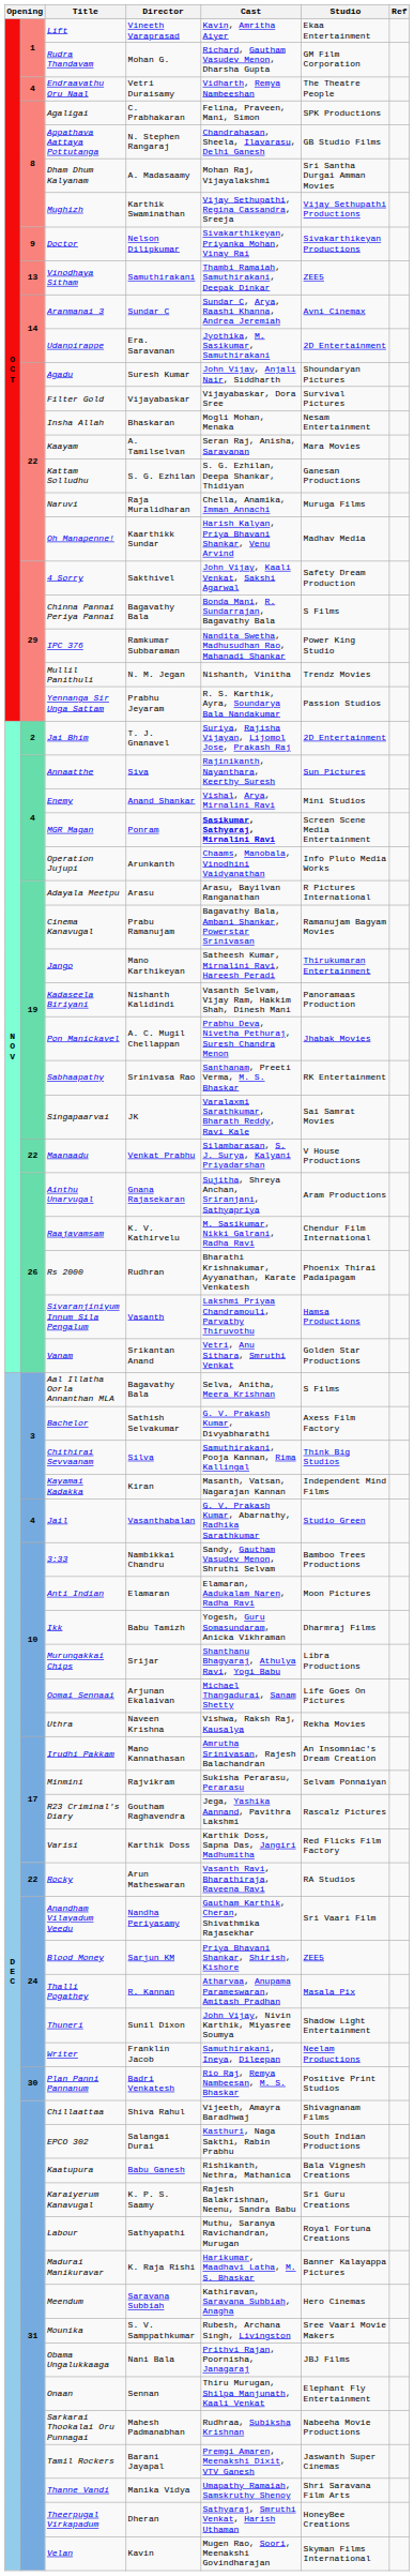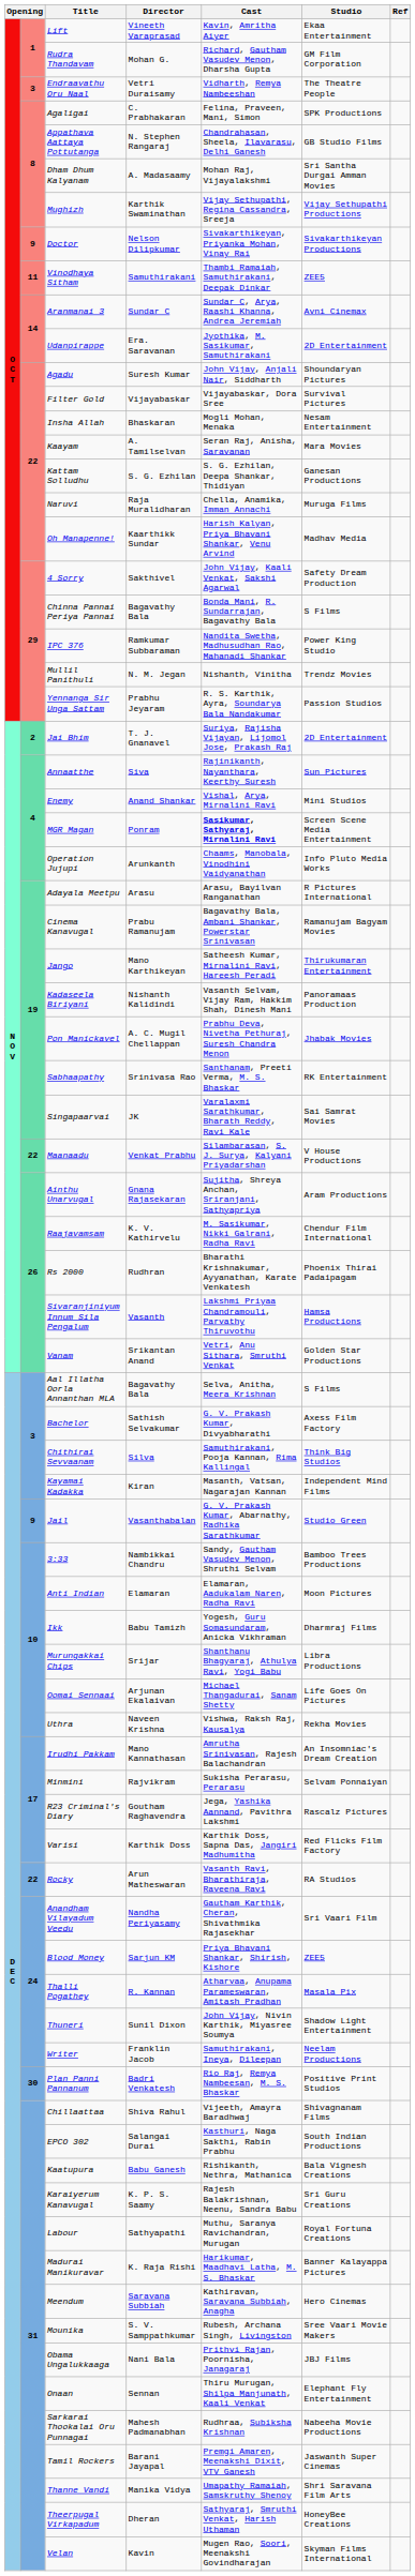 <table class="wikitable sortable">
 <tr>
 <th colspan="2">Opening</th>
 <th style="width:20%;">Title</th>
 <th>Director</th>
 <th>Cast</th>
 <th>Studio</th>
 <th>Ref</th>
 </tr>
 <tr October!>
 <td rowspan="23" style="text-align:center; background:#f40b0b; textcolor:#000;"><strong>O<br>C<br>T</strong></td>
 <td rowspan="2" style="text-align:center;background:#f9827c;"><strong>1</strong></td>
 <td><em><a href='#'>Lift</a></em></td>
 <td><a href='#'>Vineeth Varaprasad</a></td>
 <td><a href='#'>Kavin</a>, <a href='#'>Amritha Aiyer</a></td>
 <td>Ekaa Entertainment</td>
 <td></td>
 </tr>
 <tr>
 <td><em><a href='#'>Rudra Thandavam</a></em></td>
 <td>Mohan G.</td>
 <td><a href='#'>Richard</a>, <a href='#'>Gautham Vasudev Menon</a>, Dharsha Gupta</td>
 <td>GM Film Corporation</td>
 <td></td>
 </tr>
 <tr>
-<td style="text-align:center; background:#f9827c;"><strong>4</strong></td>
+<td style="text-align:center; background:#f9827c;"><strong>3</strong></td>
 <td><em><a href='#'>Endraavathu Oru Naal</a></em></td>
 <td>Vetri Duraisamy</td>
 <td><a href='#'>Vidharth</a>, <a href='#'>Remya Nambeeshan</a></td>
 <td>The Theatre People</td>
 <td></td>
 </tr>
 <tr>
 <td rowspan="4" style="text-align:center;background:#f9827c;"><strong>8</strong></td>
 <td><em>Agaligai</em></td>
 <td>C. Prabhakaran</td>
 <td>Felina, Praveen, Mani, Simon</td>
 <td>SPK Productions</td>
 <td></td>
 </tr>
 <tr>
 <td><em><a href='#'>Appathava Aattaya Pottutanga</a></em></td>
 <td>N. Stephen Rangaraj</td>
 <td><a href='#'>Chandrahasan</a>, Sheela, <a href='#'>Ilavarasu</a>, <a href='#'>Delhi Ganesh</a></td>
 <td>GB Studio Films</td>
 <td></td>
 </tr>
 <tr>
 <td><em>Dham Dhum Kalyanam</em></td>
 <td>A. Madasaamy</td>
 <td>Mohan Raj, Vijayalakshmi</td>
 <td>Sri Santha Durgai Amman Movies</td>
 <td></td>
 </tr>
 <tr>
 <td><em><a href='#'>Mughizh</a></em></td>
 <td>Karthik Swaminathan</td>
 <td><a href='#'>Vijay Sethupathi</a>, <a href='#'>Regina Cassandra</a>, Sreeja</td>
 <td><a href='#'>Vijay Sethupathi Productions</a></td>
 <td></td>
 </tr>
 <tr>
 <td style="text-align:center; background:#f9827c;"><strong>9</strong></td>
 <td><em><a href='#'>Doctor</a></em></td>
 <td><a href='#'>Nelson Dilipkumar</a></td>
 <td><a href='#'>Sivakarthikeyan</a>, <a href='#'>Priyanka Mohan</a>, <a href='#'>Vinay Rai</a></td>
 <td><a href='#'>Sivakarthikeyan Productions</a></td>
 <td></td>
 </tr>
 <tr>
-<td style="text-align:center; background:#f9827c;"><strong>13</strong></td>
+<td style="text-align:center; background:#f9827c;"><strong>11</strong></td>
 <td><em><a href='#'>Vinodhaya Sitham</a></em></td>
 <td><a href='#'>Samuthirakani</a></td>
 <td><a href='#'>Thambi Ramaiah</a>, <a href='#'>Samuthirakani</a>, <a href='#'>Deepak Dinkar</a></td>
 <td><a href='#'>ZEE5</a></td>
 <td></td>
 </tr>
 <tr>
 <td rowspan="2" style="text-align:center;background:#f9827c;"><strong>14</strong></td>
 <td><em><a href='#'>Aranmanai 3</a></em></td>
 <td><a href='#'>Sundar C</a></td>
 <td><a href='#'>Sundar C</a>, <a href='#'>Arya</a>, <a href='#'>Raashi Khanna</a>, <a href='#'>Andrea Jeremiah</a></td>
 <td><a href='#'>Avni Cinemax</a></td>
 <td></td>
 </tr>
 <tr>
 <td><em><a href='#'>Udanpirappe</a></em></td>
 <td>Era. Saravanan</td>
 <td><a href='#'>Jyothika</a>, <a href='#'>M. Sasikumar</a>, <a href='#'>Samuthirakani</a></td>
 <td><a href='#'>2D Entertainment</a></td>
 <td></td>
 </tr>
 <tr>
 <td rowspan="7" style="text-align:center;background:#f9827c;"><strong>22</strong></td>
 <td><em><a href='#'>Agadu</a></em></td>
 <td>Suresh Kumar</td>
 <td><a href='#'>John Vijay</a>, <a href='#'>Anjali Nair</a>, Siddharth</td>
 <td>Shoundaryan Pictures</td>
 <td></td>
 </tr>
 <tr>
 <td><em>Filter Gold</em></td>
 <td>Vijayabaskar</td>
 <td>Vijayabaskar, Dora Sree</td>
 <td>Survival Pictures</td>
 <td></td>
 </tr>
 <tr>
 <td><em>Insha Allah</em></td>
 <td>Bhaskaran</td>
 <td>Mogli Mohan, Menaka</td>
 <td>Nesam Entertainment</td>
 <td></td>
 </tr>
 <tr>
 <td><em>Kaayam</em></td>
 <td>A. Tamilselvan</td>
 <td>Seran Raj, Anisha, <a href='#'>Saravanan</a></td>
 <td>Mara Movies</td>
 <td></td>
 </tr>
 <tr>
 <td><em>Kattam Solludhu</em></td>
 <td>S. G. Ezhilan</td>
 <td>S. G. Ezhilan, Deepa Shankar, Thidiyan</td>
 <td>Ganesan Productions</td>
 <td></td>
 </tr>
 <tr>
 <td><em>Naruvi</em></td>
 <td>Raja Muralidharan</td>
 <td>Chella, Anamika, <a href='#'>Imman Annachi</a></td>
 <td>Muruga Films</td>
 <td></td>
 </tr>
 <tr>
 <td><em><a href='#'>Oh Manapenne!</a></em></td>
 <td>Kaarthikk Sundar</td>
 <td><a href='#'>Harish Kalyan</a>,  <a href='#'>Priya Bhavani Shankar</a>, <a href='#'>Venu Arvind</a></td>
 <td>Madhav Media</td>
 <td></td>
 </tr>
 <tr>
 <td rowspan="5" style="text-align:center;background:#f9827c;"><strong>29</strong></td>
 <td><em><a href='#'>4 Sorry</a></em></td>
 <td>Sakthivel</td>
 <td><a href='#'>John Vijay</a>, <a href='#'>Kaali Venkat</a>, <a href='#'>Sakshi Agarwal</a></td>
 <td>Safety Dream Production</td>
 <td></td>
 </tr>
 <tr>
 <td><em>Chinna Pannai Periya Pannai</em></td>
 <td>Bagavathy Bala</td>
 <td><a href='#'>Bonda Mani</a>, <a href='#'>R. Sundarrajan</a>, Bagavathy Bala</td>
 <td>S Films</td>
 <td></td>
 </tr>
 <tr>
 <td><em><a href='#'>IPC 376</a></em></td>
 <td>Ramkumar Subbaraman</td>
 <td><a href='#'>Nandita Swetha</a>, <a href='#'>Madhusudhan Rao</a>, <a href='#'>Mahanadi Shankar</a></td>
 <td>Power King Studio</td>
 <td></td>
 </tr>
 <tr>
 <td><em>Mullil Panithuli</em></td>
 <td>N. M. Jegan</td>
 <td>Nishanth, Vinitha</td>
 <td>Trendz Movies</td>
 <td></td>
 </tr>
 <tr>
 <td><em><a href='#'>Yennanga Sir Unga Sattam</a></em></td>
 <td>Prabhu Jeyaram</td>
 <td>R. S. Karthik, Ayra, <a href='#'>Soundarya Bala Nandakumar</a></td>
 <td>Passion Studios</td>
 <td></td>
 </tr>
 <tr November!>
 <td rowspan="18" style="text-align:center; background:#7FFFD4; textcolor:#000;"><strong>N<br>O<br>V</strong></td>
 <td style="text-align:center; background:#6da;"><strong>2</strong></td>
 <td><em><a href='#'>Jai Bhim</a></em></td>
 <td>T. J. Gnanavel</td>
 <td><a href='#'>Suriya</a>, <a href='#'>Rajisha Vijayan</a>, <a href='#'>Lijomol Jose</a>, <a href='#'>Prakash Raj</a></td>
 <td><a href='#'>2D Entertainment</a></td>
 <td></td>
 </tr>
 <tr>
 <td rowspan="4" style="text-align:center; background:#6da;"><strong>4</strong></td>
 <td><em><a href='#'>Annaatthe</a></em></td>
 <td><a href='#'>Siva</a></td>
 <td><a href='#'>Rajinikanth</a>, <a href='#'>Nayanthara</a>, <a href='#'>Keerthy Suresh</a></td>
 <td><a href='#'>Sun Pictures</a></td>
 <td></td>
 </tr>
 <tr>
 <td><em><a href='#'>Enemy</a></em></td>
 <td><a href='#'>Anand Shankar</a></td>
 <td><a href='#'>Vishal</a>, <a href='#'>Arya</a>, <a href='#'>Mirnalini Ravi</a></td>
 <td>Mini Studios</td>
 <td></td>
 </tr>
 <tr>
 <td><em><a href='#'>MGR Magan</a></em></td>
 <td><a href='#'>Ponram</a></td>
 <td><strong><a href='#'>Sasikumar</a>, <a href='#'>Sathyaraj</a>, <a href='#'>Mirnalini Ravi</a></strong></td>
 <td>Screen Scene Media Entertainment</td>
 <td></td>
 </tr>
 <tr>
 <td><em>Operation Jujupi</em></td>
 <td>Arunkanth</td>
 <td><a href='#'>Chaams</a>, <a href='#'>Manobala</a>, <a href='#'>Vinodhini Vaidyanathan</a></td>
 <td>Info Pluto Media Works</td>
 <td></td>
 </tr>
 <tr>
 <td rowspan="7" style="text-align:center; background:#6da;"><strong>19</strong></td>
 <td><em>Adayala Meetpu</em></td>
 <td>Arasu</td>
 <td>Arasu, Bayilvan Ranganathan</td>
 <td>R Pictures International</td>
 <td></td>
 </tr>
 <tr>
 <td><em>Cinema Kanavugal</em></td>
 <td>Prabu Ramanujam</td>
 <td>Bagavathy Bala, <a href='#'>Ambani Shankar</a>, <a href='#'>Powerstar Srinivasan</a></td>
 <td>Ramanujam Bagyam Movies</td>
 <td></td>
 </tr>
 <tr>
 <td><em><a href='#'>Jango</a></em></td>
 <td>Mano Karthikeyan</td>
 <td>Satheesh Kumar, <a href='#'>Mirnalini Ravi</a>, <a href='#'>Hareesh Peradi</a></td>
 <td><a href='#'>Thirukumaran Entertainment</a></td>
 <td></td>
 </tr>
 <tr>
 <td><em><a href='#'>Kadaseela Biriyani</a></em></td>
 <td>Nishanth Kalidindi</td>
 <td>Vasanth Selvam, Vijay Ram, Hakkim Shah, Dinesh Mani</td>
 <td>Panoramaas Production</td>
 <td></td>
 </tr>
 <tr>
 <td><em><a href='#'>Pon Manickavel</a></em></td>
 <td>A. C. Mugil Chellappan</td>
 <td><a href='#'>Prabhu Deva</a>, <a href='#'>Nivetha Pethuraj</a>, <a href='#'>Suresh Chandra Menon</a></td>
 <td><a href='#'>Jhabak Movies</a></td>
 <td></td>
 </tr>
 <tr>
 <td><em><a href='#'>Sabhaapathy</a></em></td>
 <td>Srinivasa Rao</td>
 <td><a href='#'>Santhanam</a>, Preeti Verma, <a href='#'>M. S. Bhaskar</a></td>
 <td>RK Entertainment</td>
 <td></td>
 </tr>
 <tr>
 <td><em>Singapaarvai</em></td>
 <td>JK</td>
 <td><a href='#'>Varalaxmi Sarathkumar</a>, <a href='#'>Bharath Reddy</a>, <a href='#'>Ravi Kale</a></td>
 <td>Sai Samrat Movies</td>
 <td></td>
 </tr>
 <tr>
 <td style="text-align:center; background:#6da;"><strong>22</strong></td>
 <td><em><a href='#'>Maanaadu</a></em></td>
 <td><a href='#'>Venkat Prabhu</a></td>
 <td><a href='#'>Silambarasan</a>, <a href='#'>S. J. Surya</a>, <a href='#'>Kalyani Priyadarshan</a></td>
 <td>V House Productions</td>
 <td></td>
 </tr>
 <tr>
 <td rowspan="5" style="text-align:center; background:#6da;"><strong>26</strong></td>
 <td><em><a href='#'>Ainthu Unarvugal</a></em></td>
 <td><a href='#'>Gnana Rajasekaran</a></td>
 <td><a href='#'>Sujitha</a>, Shreya Anchan, <a href='#'>Sriranjani</a>, <a href='#'>Sathyapriya</a></td>
 <td>Aram Productions</td>
 <td></td>
 </tr>
 <tr>
 <td><em><a href='#'>Raajavamsam</a></em></td>
 <td>K. V. Kathirvelu</td>
 <td><a href='#'>M. Sasikumar</a>, <a href='#'>Nikki Galrani</a>, <a href='#'>Radha Ravi</a></td>
 <td>Chendur Film International</td>
 <td></td>
 </tr>
 <tr>
 <td><em>Rs 2000</em></td>
 <td>Rudhran</td>
 <td>Bharathi Krishnakumar, Ayyanathan, Karate Venkatesh</td>
 <td>Phoenix Thirai Padaipagam</td>
 <td></td>
 </tr>
 <tr>
 <td><em><a href='#'>Sivaranjiniyum Innum Sila Pengalum</a></em></td>
 <td><a href='#'>Vasanth</a></td>
 <td><a href='#'>Lakshmi Priyaa Chandramouli</a>, <a href='#'>Parvathy Thiruvothu</a></td>
 <td><a href='#'>Hamsa Productions</a></td>
 <td></td>
 </tr>
 <tr>
 <td><em><a href='#'>Vanam</a></em></td>
 <td>Srikantan Anand</td>
 <td><a href='#'>Vetri</a>, <a href='#'>Anu Sithara</a>, <a href='#'>Smruthi Venkat</a></td>
 <td>Golden Star Productions</td>
 <td></td>
 </tr>
 <tr December!>
 <td rowspan="38" style="text-align:center; background:#93CCEA; textcolor:#000;"><strong>D<br>E<br>C</strong></td>
 <td rowspan="4" style="text-align:center; background:#76ABDF;"><strong>3</strong></td>
 <td><em>Aal Illatha Oorla Annanthan MLA</em></td>
 <td>Bagavathy Bala</td>
 <td>Selva, Anitha, <a href='#'>Meera Krishnan</a></td>
 <td>S Films</td>
 <td></td>
 </tr>
 <tr>
 <td><em><a href='#'>Bachelor</a></em></td>
 <td>Sathish Selvakumar</td>
 <td><a href='#'>G. V. Prakash Kumar</a>, Divyabharathi</td>
 <td>Axess Film Factory</td>
 <td></td>
 </tr>
 <tr>
 <td><em><a href='#'>Chithirai Sevvaanam</a></em></td>
 <td><a href='#'>Silva</a></td>
 <td><a href='#'>Samuthirakani</a>, Pooja Kannan, <a href='#'>Rima Kallingal</a></td>
 <td><a href='#'>Think Big Studios</a></td>
 <td></td>
 </tr>
 <tr>
 <td><em><a href='#'>Kayamai Kadakka</a></em></td>
 <td>Kiran</td>
 <td>Masanth, Vatsan, Nagarajan Kannan</td>
 <td>Independent Mind Films</td>
 <td></td>
 </tr>
 <tr>
-<td rowspan="1" style="text-align:center;background:#76ABDF;"><strong>4</strong></td>
+<td rowspan="1" style="text-align:center;background:#76ABDF;"><strong>9</strong></td>
 <td><em><a href='#'>Jail</a></em></td>
 <td><a href='#'>Vasanthabalan</a></td>
 <td><a href='#'>G. V. Prakash Kumar</a>, Abarnathy, <a href='#'>Radhika Sarathkumar</a></td>
 <td><a href='#'>Studio Green</a></td>
 <td></td>
 </tr>
 <tr>
 <td rowspan="6" style="text-align:center;background:#76ABDF;"><strong>10</strong></td>
 <td><em><a href='#'>3:33</a></em></td>
 <td>Nambikkai Chandru</td>
 <td>Sandy, <a href='#'>Gautham Vasudev Menon</a>, Shruthi Selvam</td>
 <td>Bamboo Trees Productions</td>
 <td></td>
 </tr>
 <tr>
 <td><em><a href='#'>Anti Indian</a></em></td>
 <td>Elamaran</td>
 <td>Elamaran, <a href='#'>Aadukalam Naren</a>, <a href='#'>Radha Ravi</a></td>
 <td>Moon Pictures</td>
 <td></td>
 </tr>
 <tr>
 <td><em><a href='#'>Ikk</a></em></td>
 <td>Babu Tamizh</td>
 <td>Yogesh, <a href='#'>Guru Somasundaram</a>, Anicka Vikhraman</td>
 <td>Dharmraj Films</td>
 <td></td>
 </tr>
 <tr>
 <td><em><a href='#'>Murungakkai Chips</a></em></td>
 <td>Srijar</td>
 <td><a href='#'>Shanthanu Bhagyaraj</a>, <a href='#'>Athulya Ravi</a>, <a href='#'>Yogi Babu</a></td>
 <td>Libra Productions</td>
 <td></td>
 </tr>
 <tr>
 <td><em><a href='#'>Oomai Sennaai</a></em></td>
 <td>Arjunan Ekalaivan</td>
 <td><a href='#'>Michael Thangadurai</a>, <a href='#'>Sanam Shetty</a></td>
 <td>Life Goes On Pictures</td>
 <td></td>
 </tr>
 <tr>
 <td><em>Uthra</em></td>
 <td>Naveen Krishna</td>
 <td>Vishwa, Raksh Raj, <a href='#'>Kausalya</a></td>
 <td>Rekha Movies</td>
 <td></td>
 </tr>
 <tr>
 <td rowspan="4" style="text-align:center;background:#76ABDF;"><strong>17</strong></td>
 <td><em><a href='#'>Irudhi Pakkam</a></em></td>
 <td>Mano Kannathasan</td>
 <td><a href='#'>Amrutha Srinivasan</a>, Rajesh Balachandran</td>
 <td>An Insomniac's Dream Creation</td>
 <td></td>
 </tr>
 <tr>
 <td><em>Minmini</em></td>
 <td>Rajvikram</td>
 <td>Sukisha Perarasu, <a href='#'>Perarasu</a></td>
 <td>Selvam Ponnaiyan</td>
 <td></td>
 </tr>
 <tr>
 <td><em>R23 Criminal's Diary</em></td>
 <td>Goutham Raghavendra</td>
 <td>Jega, <a href='#'>Yashika Aannand</a>, Pavithra Lakshmi</td>
 <td>Rascalz Pictures</td>
 <td></td>
 </tr>
 <tr>
 <td><em>Varisi</em></td>
 <td>Karthik Doss</td>
 <td>Karthik Doss, Sapna Das, <a href='#'>Jangiri Madhumitha</a></td>
 <td>Red Flicks Film Factory</td>
 <td></td>
 </tr>
 <tr>
 <td rowspan="1" style="text-align:center;background:#76ABDF;"><strong>22</strong></td>
 <td><em><a href='#'>Rocky</a></em></td>
 <td>Arun Matheswaran</td>
 <td><a href='#'>Vasanth Ravi</a>, <a href='#'>Bharathiraja</a>, <a href='#'>Raveena Ravi</a></td>
 <td>RA Studios</td>
 <td></td>
 </tr>
 <tr>
 <td rowspan="5" style="text-align:center;background:#76ABDF;"><strong>24</strong></td>
 <td><em><a href='#'>Anandham Vilayadum Veedu</a></em></td>
 <td><a href='#'>Nandha Periyasamy</a></td>
 <td><a href='#'>Gautham Karthik</a>, <a href='#'>Cheran</a>, Shivathmika Rajasekhar</td>
 <td>Sri Vaari Film</td>
 <td></td>
 </tr>
 <tr>
 <td><em><a href='#'>Blood Money</a></em></td>
 <td><a href='#'>Sarjun KM</a></td>
 <td><a href='#'>Priya Bhavani Shankar</a>, <a href='#'>Shirish</a>, <a href='#'>Kishore</a></td>
 <td><a href='#'>ZEE5</a></td>
 <td></td>
 </tr>
 <tr>
 <td><em><a href='#'>Thalli Pogathey</a></em></td>
 <td><a href='#'>R. Kannan</a></td>
 <td><a href='#'>Atharvaa</a>, <a href='#'>Anupama Parameswaran</a>, <a href='#'>Amitash Pradhan</a></td>
 <td><a href='#'>Masala Pix</a></td>
 <td></td>
 </tr>
 <tr>
 <td><em><a href='#'>Thuneri</a></em></td>
 <td>Sunil Dixon</td>
 <td><a href='#'>John Vijay</a>, Nivin Karthik, Miyasree Soumya</td>
 <td>Shadow Light Entertainment</td>
 <td></td>
 </tr>
 <tr>
 <td><em><a href='#'>Writer</a></em></td>
 <td>Franklin Jacob</td>
 <td><a href='#'>Samuthirakani</a>, <a href='#'>Ineya</a>, <a href='#'>Dileepan</a></td>
 <td><a href='#'>Neelam Productions</a></td>
 <td></td>
 </tr>
 <tr>
 <td rowspan="1" style="text-align:center;background:#76ABDF;"><strong>30</strong></td>
 <td><em><a href='#'>Plan Panni Pannanum</a></em></td>
 <td><a href='#'>Badri Venkatesh</a></td>
 <td><a href='#'>Rio Raj</a>, <a href='#'>Remya Nambeesan</a>, <a href='#'>M. S. Bhaskar</a></td>
 <td>Positive Print Studios</td>
 <td></td>
 </tr>
 <tr>
 <td rowspan="15" style="text-align:center;background:#76ABDF;"><strong>31</strong></td>
 <td><em>Chillaattaa</em></td>
 <td>Shiva Rahul</td>
 <td>Vijeeth, Amayra Baradhwaj</td>
 <td>Shivagnanam Films</td>
 <td></td>
 </tr>
 <tr>
 <td><em>EPCO 302</em></td>
 <td>Salangai Durai</td>
 <td><a href='#'>Kasthuri</a>, Naga Sakthi, Rabin Prabhu</td>
 <td>South Indian Productions</td>
 <td></td>
 </tr>
 <tr>
 <td><em>Kaatupura</em></td>
 <td><a href='#'>Babu Ganesh</a></td>
 <td>Rishikanth, Nethra, Mathanica</td>
 <td>Bala Vignesh Creations</td>
 <td></td>
 </tr>
 <tr>
 <td><em>Karaiyerum Kanavugal</em></td>
 <td>K. P. S. Saamy</td>
 <td>Rajesh Balakrishnan, Neenu, Sandra Babu</td>
 <td>Sri Guru Creations</td>
 <td></td>
 </tr>
 <tr>
 <td><em>Labour</em></td>
 <td>Sathyapathi</td>
 <td>Muthu, Saranya Ravichandran, Murugan</td>
 <td>Royal Fortuna Creations</td>
 <td></td>
 </tr>
 <tr>
 <td><em>Madurai Manikuravar</em></td>
 <td>K. Raja Rishi</td>
 <td><a href='#'>Harikumar</a>, <a href='#'>Maadhavi Latha</a>, <a href='#'>M. S. Bhaskar</a></td>
 <td>Banner Kalayappa Pictures</td>
 <td></td>
 </tr>
 <tr>
 <td><em>Meendum</em></td>
 <td><a href='#'>Saravana Subbiah</a></td>
 <td>Kathiravan, <a href='#'>Saravana Subbiah</a>, <a href='#'>Anagha</a></td>
 <td>Hero Cinemas</td>
 <td></td>
 </tr>
 <tr>
 <td><em>Mounika</em></td>
 <td>S. V. Samppathkumar</td>
 <td>Rubesh, Archana Singh, <a href='#'>Livingston</a></td>
 <td>Sree Vaari Movie Makers</td>
 <td></td>
 </tr>
 <tr>
 <td><em>Obama Ungalukkaaga</em></td>
 <td>Nani Bala</td>
 <td><a href='#'>Prithvi Rajan</a>, Poornisha, <a href='#'>Janagaraj</a></td>
 <td>JBJ Films</td>
 <td></td>
 </tr>
 <tr>
 <td><em>Onaan</em></td>
 <td>Sennan</td>
 <td>Thiru Murugan, <a href='#'>Shilpa Manjunath</a>, <a href='#'>Kaali Venkat</a></td>
 <td>Elephant Fly Entertainment</td>
 <td></td>
 </tr>
 <tr>
 <td><em>Sarkarai Thookalai Oru Punnagai</em></td>
 <td>Mahesh Padmanabhan</td>
 <td>Rudhraa, <a href='#'>Subiksha Krishnan</a></td>
 <td>Nabeeha Movie Productions</td>
 <td></td>
 </tr>
 <tr>
 <td><em>Tamil Rockers</em></td>
 <td>Barani Jayapal</td>
 <td><a href='#'>Premgi Amaren</a>, <a href='#'>Meenakshi Dixit</a>, <a href='#'>VTV Ganesh</a></td>
 <td>Jaswanth Super Cinemas</td>
 <td></td>
 </tr>
 <tr>
 <td><em><a href='#'>Thanne Vandi</a></em></td>
 <td>Manika Vidya</td>
 <td><a href='#'>Umapathy Ramaiah</a>, <a href='#'>Samskruthy Shenoy</a></td>
 <td>Shri Saravana Film Arts</td>
 <td></td>
 </tr>
 <tr>
 <td><em><a href='#'>Theerpugal Virkapadum</a></em></td>
 <td>Dheran</td>
 <td><a href='#'>Sathyaraj</a>, <a href='#'>Smruthi Venkat</a>, <a href='#'>Harish Uthaman</a></td>
 <td>HoneyBee Creations</td>
 <td></td>
 </tr>
 <tr>
 <td><em><a href='#'>Velan</a></em></td>
 <td>Kavin</td>
 <td>Mugen Rao, <a href='#'>Soori</a>, Meenakshi Govindharajan</td>
 <td>Skyman Films International</td>
 <td></td>
 </tr>
 </table>
